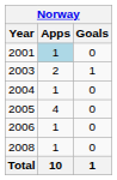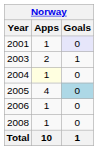 <table class="wikitable" style="text-align:center">
 <tr>
 <th colspan="3"><a href='#'>Norway</a></th>
 </tr>
 <tr>
 <th>Year</th>
 <th>Apps</th>
 <th>Goals</th>
 </tr>
 <tr>
 <td>2001</td>
-<td style="background: lightblue;">1</td>
-<td>0</td>
+<td>1</td>
+<td style="background: lavender;">0</td>
 </tr>
 <tr>
 <td>2003</td>
 <td>2</td>
 <td>1</td>
 </tr>
 <tr>
 <td>2004</td>
-<td>1</td>
+<td style="background: lightyellow;">1</td>
 <td>0</td>
 </tr>
 <tr>
 <td>2005</td>
 <td>4</td>
-<td>0</td>
+<td style="background: lightblue;">0</td>
 </tr>
 <tr>
 <td>2006</td>
 <td>1</td>
 <td>0</td>
 </tr>
 <tr>
 <td>2008</td>
 <td>1</td>
 <td>0</td>
 </tr>
 <tr>
 <th>Total</th>
 <th>10</th>
 <th>1</th>
 </tr>
 </table>
